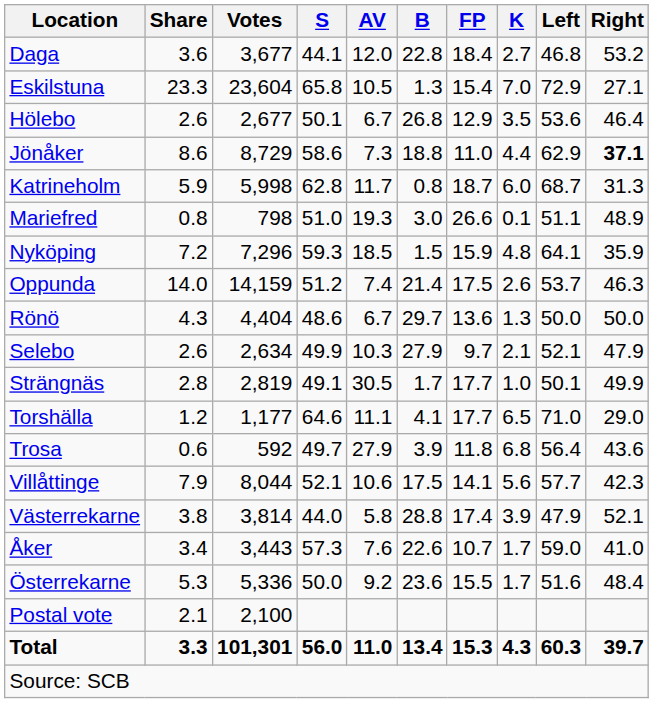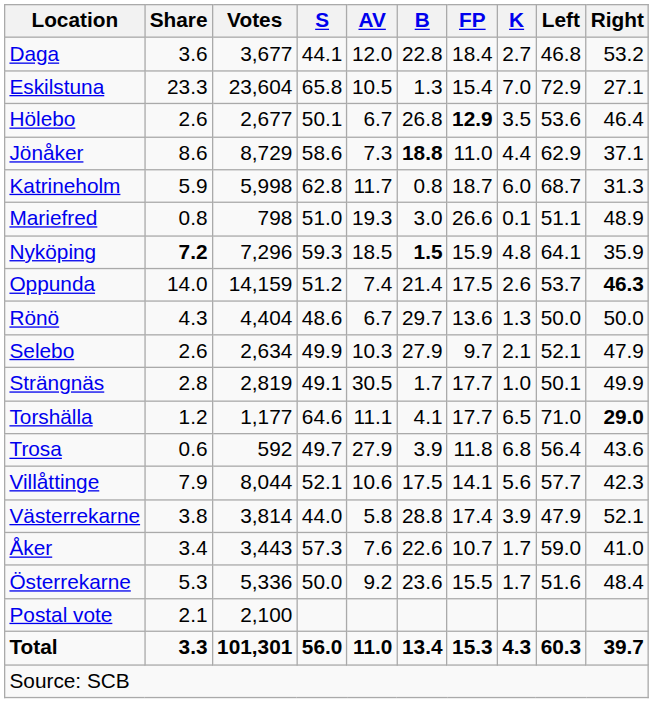 <table class="wikitable sortable" style=text-align:right>
 <tr>
 <th>Location</th>
 <th>Share</th>
 <th>Votes</th>
 <th><a href='#'>S</a></th>
 <th><a href='#'>AV</a></th>
 <th><a href='#'>B</a></th>
 <th><a href='#'>FP</a></th>
 <th><a href='#'>K</a></th>
 <th>Left</th>
 <th>Right</th>
 </tr>
 <tr>
 <td align=left><a href='#'>Daga</a></td>
 <td>3.6</td>
 <td>3,677</td>
 <td>44.1</td>
 <td>12.0</td>
 <td>22.8</td>
 <td>18.4</td>
 <td>2.7</td>
 <td>46.8</td>
 <td>53.2</td>
 </tr>
 <tr>
 <td align=left><a href='#'>Eskilstuna</a></td>
 <td>23.3</td>
 <td>23,604</td>
 <td>65.8</td>
 <td>10.5</td>
 <td>1.3</td>
 <td>15.4</td>
 <td>7.0</td>
 <td>72.9</td>
 <td>27.1</td>
 </tr>
 <tr>
 <td align=left><a href='#'>Hölebo</a></td>
 <td>2.6</td>
 <td>2,677</td>
 <td>50.1</td>
 <td>6.7</td>
 <td>26.8</td>
-<td>12.9</td>
+<td><strong>12.9</strong></td>
 <td>3.5</td>
 <td>53.6</td>
 <td>46.4</td>
 </tr>
 <tr>
 <td align=left><a href='#'>Jönåker</a></td>
 <td>8.6</td>
 <td>8,729</td>
 <td>58.6</td>
 <td>7.3</td>
-<td>18.8</td>
+<td><strong>18.8</strong></td>
 <td>11.0</td>
 <td>4.4</td>
 <td>62.9</td>
-<td><strong>37.1</strong></td>
+<td>37.1</td>
 </tr>
 <tr>
 <td align=left><a href='#'>Katrineholm</a></td>
 <td>5.9</td>
 <td>5,998</td>
 <td>62.8</td>
 <td>11.7</td>
 <td>0.8</td>
 <td>18.7</td>
 <td>6.0</td>
 <td>68.7</td>
 <td>31.3</td>
 </tr>
 <tr>
 <td align=left><a href='#'>Mariefred</a></td>
 <td>0.8</td>
 <td>798</td>
 <td>51.0</td>
 <td>19.3</td>
 <td>3.0</td>
 <td>26.6</td>
 <td>0.1</td>
 <td>51.1</td>
 <td>48.9</td>
 </tr>
 <tr>
 <td align=left><a href='#'>Nyköping</a></td>
-<td>7.2</td>
+<td><strong>7.2</strong></td>
 <td>7,296</td>
 <td>59.3</td>
 <td>18.5</td>
-<td>1.5</td>
+<td><strong>1.5</strong></td>
 <td>15.9</td>
 <td>4.8</td>
 <td>64.1</td>
 <td>35.9</td>
 </tr>
 <tr>
 <td align=left><a href='#'>Oppunda</a></td>
 <td>14.0</td>
 <td>14,159</td>
 <td>51.2</td>
 <td>7.4</td>
 <td>21.4</td>
 <td>17.5</td>
 <td>2.6</td>
 <td>53.7</td>
-<td>46.3</td>
+<td><strong>46.3</strong></td>
 </tr>
 <tr>
 <td align=left><a href='#'>Rönö</a></td>
 <td>4.3</td>
 <td>4,404</td>
 <td>48.6</td>
 <td>6.7</td>
 <td>29.7</td>
 <td>13.6</td>
 <td>1.3</td>
 <td>50.0</td>
 <td>50.0</td>
 </tr>
 <tr>
 <td align=left><a href='#'>Selebo</a></td>
 <td>2.6</td>
 <td>2,634</td>
 <td>49.9</td>
 <td>10.3</td>
 <td>27.9</td>
 <td>9.7</td>
 <td>2.1</td>
 <td>52.1</td>
 <td>47.9</td>
 </tr>
 <tr>
 <td align=left><a href='#'>Strängnäs</a></td>
 <td>2.8</td>
 <td>2,819</td>
 <td>49.1</td>
 <td>30.5</td>
 <td>1.7</td>
 <td>17.7</td>
 <td>1.0</td>
 <td>50.1</td>
 <td>49.9</td>
 </tr>
 <tr>
 <td align=left><a href='#'>Torshälla</a></td>
 <td>1.2</td>
 <td>1,177</td>
 <td>64.6</td>
 <td>11.1</td>
 <td>4.1</td>
 <td>17.7</td>
 <td>6.5</td>
 <td>71.0</td>
-<td>29.0</td>
+<td><strong>29.0</strong></td>
 </tr>
 <tr>
 <td align=left><a href='#'>Trosa</a></td>
 <td>0.6</td>
 <td>592</td>
 <td>49.7</td>
 <td>27.9</td>
 <td>3.9</td>
 <td>11.8</td>
 <td>6.8</td>
 <td>56.4</td>
 <td>43.6</td>
 </tr>
 <tr>
 <td align=left><a href='#'>Villåttinge</a></td>
 <td>7.9</td>
 <td>8,044</td>
 <td>52.1</td>
 <td>10.6</td>
 <td>17.5</td>
 <td>14.1</td>
 <td>5.6</td>
 <td>57.7</td>
 <td>42.3</td>
 </tr>
 <tr>
 <td align=left><a href='#'>Västerrekarne</a></td>
 <td>3.8</td>
 <td>3,814</td>
 <td>44.0</td>
 <td>5.8</td>
 <td>28.8</td>
 <td>17.4</td>
 <td>3.9</td>
 <td>47.9</td>
 <td>52.1</td>
 </tr>
 <tr>
 <td align=left><a href='#'>Åker</a></td>
 <td>3.4</td>
 <td>3,443</td>
 <td>57.3</td>
 <td>7.6</td>
 <td>22.6</td>
 <td>10.7</td>
 <td>1.7</td>
 <td>59.0</td>
 <td>41.0</td>
 </tr>
 <tr>
 <td align=left><a href='#'>Österrekarne</a></td>
 <td>5.3</td>
 <td>5,336</td>
 <td>50.0</td>
 <td>9.2</td>
 <td>23.6</td>
 <td>15.5</td>
 <td>1.7</td>
 <td>51.6</td>
 <td>48.4</td>
 </tr>
 <tr>
 <td align=left><a href='#'>Postal vote</a></td>
 <td>2.1</td>
 <td>2,100</td>
 <td></td>
 <td></td>
 <td></td>
 <td></td>
 <td></td>
 <td></td>
 <td></td>
 </tr>
 <tr>
 <td align=left><strong>Total</strong></td>
 <td><strong>3.3</strong></td>
 <td><strong>101,301</strong></td>
 <td><strong>56.0</strong></td>
 <td><strong>11.0</strong></td>
 <td><strong>13.4</strong></td>
 <td><strong>15.3</strong></td>
 <td><strong>4.3</strong></td>
 <td><strong>60.3</strong></td>
 <td><strong>39.7</strong></td>
 </tr>
 <tr>
 <td align=left colspan=10>Source: SCB </td>
 </tr>
 </table>
